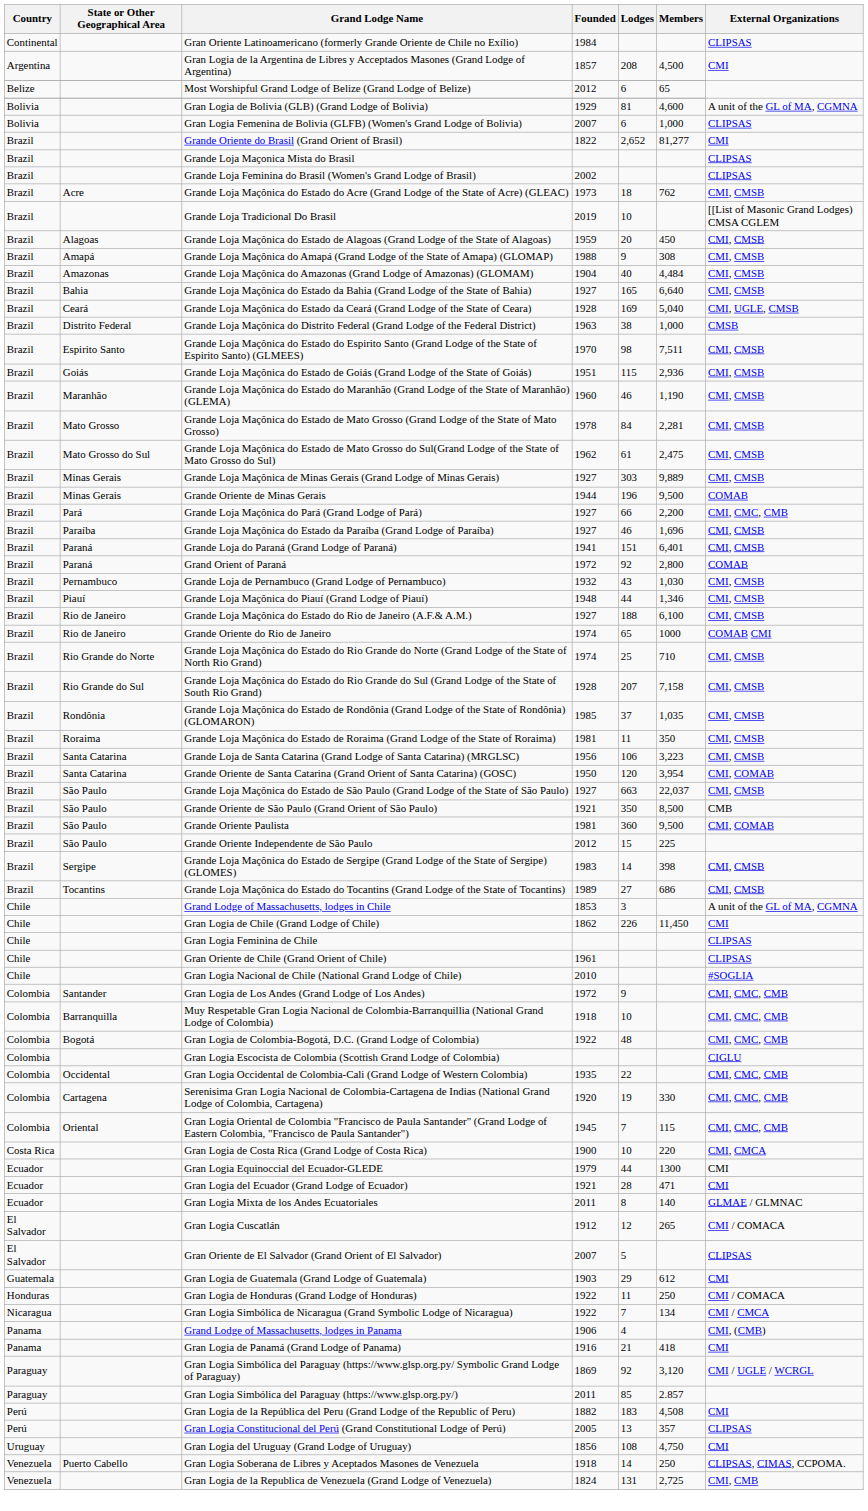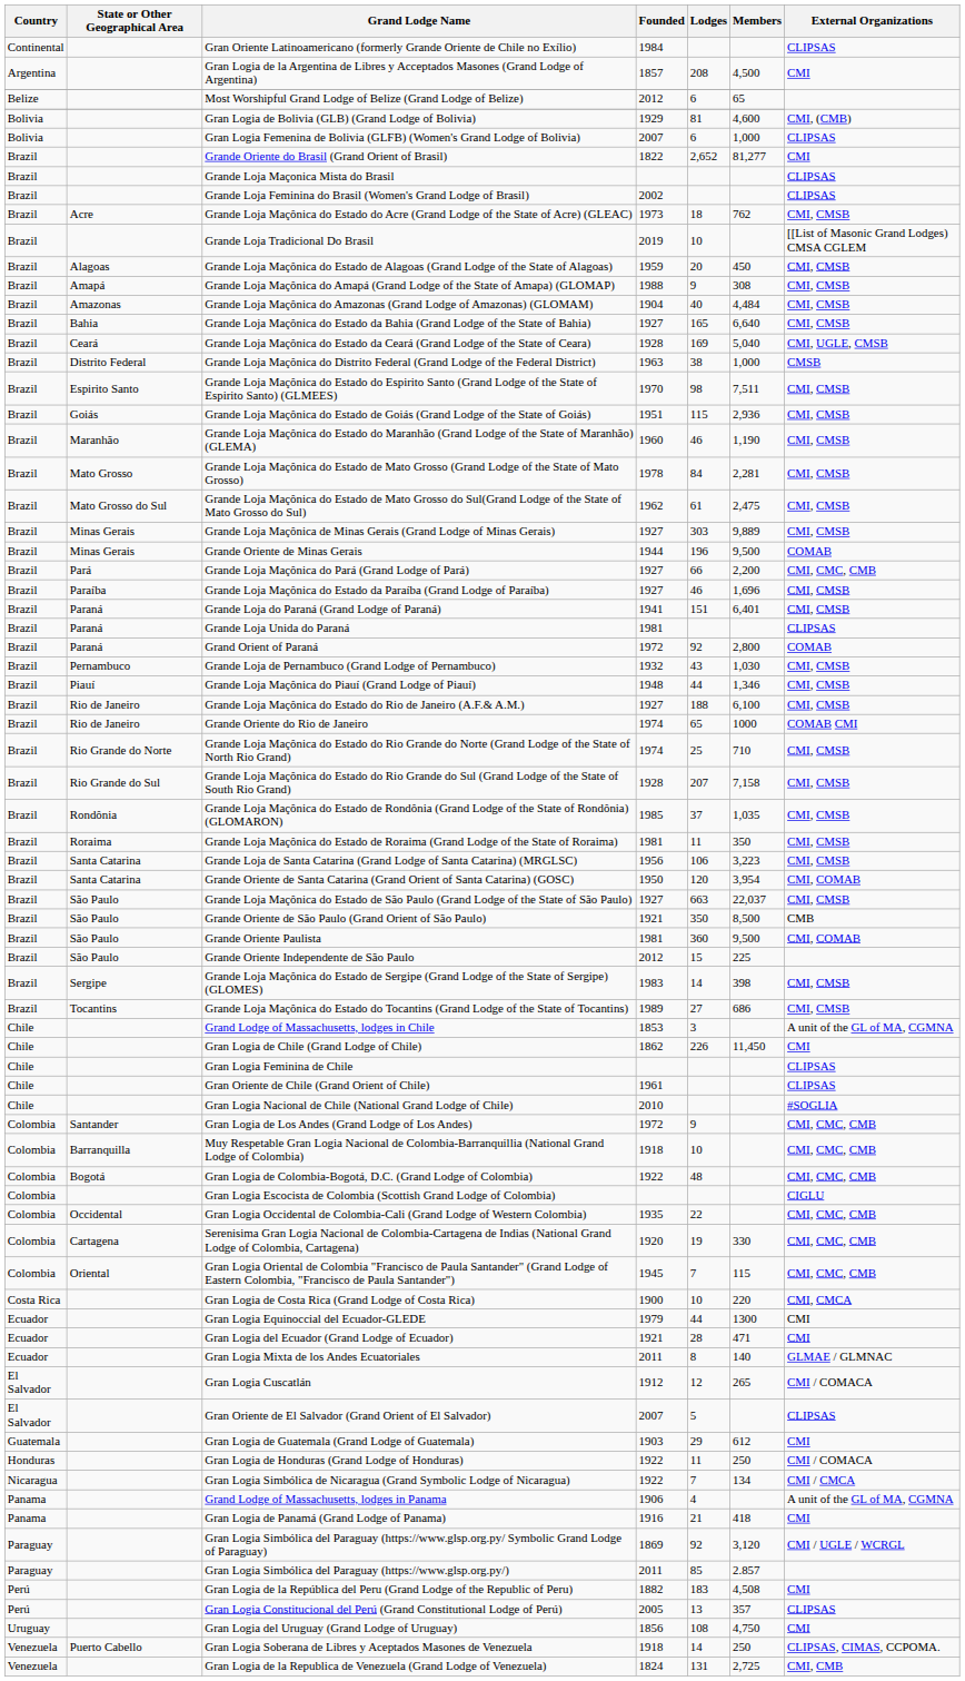 <table class="wikitable sortable" style="width:100%">
 <tr>
 <th>Country</th>
 <th>State or Other Geographical Area</th>
 <th>Grand Lodge Name</th>
 <th>Founded</th>
 <th>Lodges</th>
 <th>Members</th>
 <th>External Organizations<br>      </th>
 </tr>
 <tr>
 <td>Continental</td>
 <td></td>
 <td>Gran Oriente Latinoamericano (formerly Grande Oriente de Chile no Exílio)</td>
 <td>1984</td>
 <td></td>
 <td></td>
 <td><a href='#'>CLIPSAS</a></td>
 </tr>
 <tr>
 <td>Argentina</td>
 <td></td>
 <td>Gran Logia de la Argentina de Libres y Acceptados Masones (Grand Lodge of Argentina) </td>
 <td>1857</td>
 <td>208</td>
 <td>4,500 </td>
 <td><a href='#'>CMI</a></td>
 </tr>
 <tr>
 </tr>
 <tr>
 <td>Belize</td>
 <td></td>
 <td>Most Worshipful Grand Lodge of Belize (Grand Lodge of Belize) </td>
 <td>2012</td>
 <td>6</td>
 <td>65</td>
 </tr>
 <tr>
 </tr>
 <tr>
 <td>Bolivia</td>
 <td></td>
 <td>Gran Logia de Bolivia (GLB) (Grand Lodge of Bolivia)</td>
 <td>1929</td>
 <td>81</td>
 <td>4,600 </td>
-<td>A unit of the <a href='#'>GL of MA</a>, <a href='#'>CGMNA</a></td>
+<td><a href='#'>CMI</a>, (<a href='#'>CMB</a>)</td>
 </tr>
 <tr>
 <td>Bolivia</td>
 <td></td>
 <td>Gran Logia Femenina de Bolivia (GLFB) (Women's Grand Lodge of Bolivia) </td>
 <td>2007</td>
 <td>6</td>
 <td>1,000</td>
 <td><a href='#'>CLIPSAS</a></td>
 </tr>
 <tr>
 <td>Brazil</td>
 <td></td>
 <td><a href='#'>Grande Oriente do Brasil</a> (Grand Orient of Brasil) </td>
 <td>1822</td>
 <td>2,652</td>
 <td>81,277 </td>
 <td><a href='#'>CMI</a></td>
 </tr>
 <tr>
 <td>Brazil</td>
 <td></td>
 <td>Grande Loja Maçonica Mista do Brasil</td>
 <td></td>
 <td></td>
 <td></td>
 <td><a href='#'>CLIPSAS</a></td>
 </tr>
 <tr>
 <td>Brazil</td>
 <td></td>
 <td>Grande Loja Feminina do Brasil (Women's Grand Lodge of Brasil) </td>
 <td>2002</td>
 <td></td>
 <td></td>
 <td><a href='#'>CLIPSAS</a></td>
 </tr>
 <tr>
 <td>Brazil</td>
 <td>Acre</td>
 <td>Grande Loja Maçônica do Estado do Acre (Grand Lodge of the State of Acre) (GLEAC)</td>
 <td>1973</td>
 <td>18</td>
 <td>762 </td>
 <td><a href='#'>CMI</a>, <a href='#'>CMSB</a></td>
 </tr>
 <tr>
 <td>Brazil</td>
 <td></td>
 <td>Grande Loja Tradicional Do Brasil </td>
 <td>2019</td>
 <td>10</td>
 <td></td>
 <td>[[List of Masonic Grand Lodges) CMSA CGLEM</td>
 </tr>
 <tr>
 <td>Brazil</td>
 <td>Alagoas</td>
 <td>Grande Loja Maçônica do Estado de Alagoas (Grand Lodge of the State of Alagoas)</td>
 <td>1959</td>
 <td>20</td>
 <td>450 </td>
 <td><a href='#'>CMI</a>, <a href='#'>CMSB</a></td>
 </tr>
 <tr>
 <td>Brazil</td>
 <td>Amapá</td>
 <td>Grande Loja Maçônica do Amapá (Grand Lodge of the State of Amapa) (GLOMAP)</td>
 <td>1988</td>
 <td>9</td>
 <td>308 </td>
 <td><a href='#'>CMI</a>, <a href='#'>CMSB</a></td>
 </tr>
 <tr>
 <td>Brazil</td>
 <td>Amazonas</td>
 <td>Grande Loja Maçônica do Amazonas (Grand Lodge of Amazonas) (GLOMAM)</td>
 <td>1904</td>
 <td>40</td>
 <td>4,484 </td>
 <td><a href='#'>CMI</a>, <a href='#'>CMSB</a></td>
 </tr>
 <tr>
 <td>Brazil</td>
 <td>Bahia</td>
 <td>Grande Loja Maçônica do Estado da Bahia (Grand Lodge of the State of Bahia)</td>
 <td>1927</td>
 <td>165</td>
 <td>6,640 </td>
 <td><a href='#'>CMI</a>, <a href='#'>CMSB</a></td>
 </tr>
 <tr>
 <td>Brazil</td>
 <td>Ceará</td>
 <td>Grande Loja Maçônica do Estado da Ceará (Grand Lodge of the State of Ceara)</td>
 <td>1928</td>
 <td>169</td>
 <td>5,040<br></td>
 <td><a href='#'>CMI</a>, <a href='#'>UGLE</a>, <a href='#'>CMSB</a></td>
 </tr>
 <tr>
 <td>Brazil</td>
 <td>Distrito Federal</td>
 <td>Grande Loja Maçônica do Distrito Federal (Grand Lodge of the Federal District)</td>
 <td>1963</td>
 <td>38</td>
 <td>1,000 </td>
 <td><a href='#'>CMSB</a></td>
 </tr>
 <tr>
 <td>Brazil</td>
 <td>Espirito Santo</td>
 <td>Grande Loja Maçônica do Estado do Espirito Santo (Grand Lodge of the State of Espirito Santo) (GLMEES)</td>
 <td>1970</td>
 <td>98</td>
 <td>7,511 </td>
 <td><a href='#'>CMI</a>, <a href='#'>CMSB</a></td>
 </tr>
 <tr>
 <td>Brazil</td>
 <td>Goiás</td>
 <td>Grande Loja Maçônica do Estado de Goiás (Grand Lodge of the State of Goiás)</td>
 <td>1951</td>
 <td>115</td>
 <td>2,936 </td>
 <td><a href='#'>CMI</a>, <a href='#'>CMSB</a></td>
 </tr>
 <tr>
 <td>Brazil</td>
 <td>Maranhão</td>
 <td>Grande Loja Maçônica do Estado do Maranhão (Grand Lodge of the State of Maranhão) (GLEMA)</td>
 <td>1960</td>
 <td>46</td>
 <td>1,190 </td>
 <td><a href='#'>CMI</a>, <a href='#'>CMSB</a></td>
 </tr>
 <tr>
 <td>Brazil</td>
 <td>Mato Grosso</td>
 <td>Grande Loja Maçônica do Estado de Mato Grosso (Grand Lodge of the State of Mato Grosso)</td>
 <td>1978</td>
 <td>84</td>
 <td>2,281 </td>
 <td><a href='#'>CMI</a>, <a href='#'>CMSB</a></td>
 </tr>
 <tr>
 <td>Brazil</td>
 <td>Mato Grosso do Sul</td>
 <td>Grande Loja Maçônica do Estado de Mato Grosso do Sul(Grand Lodge of the State of Mato Grosso do Sul)</td>
 <td>1962</td>
 <td>61</td>
 <td>2,475 </td>
 <td><a href='#'>CMI</a>, <a href='#'>CMSB</a></td>
 </tr>
 <tr>
 <td>Brazil</td>
 <td>Minas Gerais</td>
 <td>Grande Loja Maçônica de Minas Gerais (Grand Lodge of Minas Gerais)</td>
 <td>1927</td>
 <td>303</td>
 <td>9,889 </td>
 <td><a href='#'>CMI</a>, <a href='#'>CMSB</a></td>
 </tr>
 <tr>
 <td>Brazil</td>
 <td>Minas Gerais</td>
 <td>Grande Oriente de Minas Gerais</td>
 <td>1944</td>
 <td>196</td>
 <td>9,500</td>
 <td><a href='#'>COMAB</a></td>
 </tr>
 <tr>
 <td>Brazil</td>
 <td>Pará</td>
 <td>Grande Loja Maçônica do Pará (Grand Lodge of Pará)</td>
 <td>1927</td>
 <td>66</td>
 <td>2,200 </td>
 <td><a href='#'>CMI</a>, <a href='#'>CMC</a>, <a href='#'>CMB</a></td>
 </tr>
 <tr>
 <td>Brazil</td>
 <td>Paraíba</td>
 <td>Grande Loja Maçônica do Estado da Paraíba (Grand Lodge of Paraíba)</td>
 <td>1927</td>
 <td>46</td>
 <td>1,696 </td>
 <td><a href='#'>CMI</a>, <a href='#'>CMSB</a></td>
 </tr>
 <tr>
 <td>Brazil</td>
 <td>Paraná</td>
 <td>Grande Loja do Paraná (Grand Lodge of Paraná)</td>
 <td>1941</td>
 <td>151</td>
 <td>6,401 </td>
 <td><a href='#'>CMI</a>, <a href='#'>CMSB</a></td>
+</tr>
+<tr>
+<td>Brazil</td>
+<td>Paraná</td>
+<td>Grande Loja Unida do Paraná</td>
+<td>1981</td>
+<td></td>
+<td></td>
+<td><a href='#'>CLIPSAS</a></td>
 </tr>
 <tr>
 <td>Brazil</td>
 <td>Paraná</td>
 <td>Grand Orient of Paraná</td>
 <td>1972</td>
 <td>92</td>
 <td>2,800</td>
 <td><a href='#'>COMAB</a></td>
 </tr>
 <tr>
 <td>Brazil</td>
 <td>Pernambuco</td>
 <td>Grande Loja de Pernambuco (Grand Lodge of Pernambuco)</td>
 <td>1932</td>
 <td>43</td>
 <td>1,030 </td>
 <td><a href='#'>CMI</a>, <a href='#'>CMSB</a></td>
 </tr>
 <tr>
 <td>Brazil</td>
 <td>Piauí</td>
 <td>Grande Loja Maçônica do Piauí (Grand Lodge of Piauí)</td>
 <td>1948</td>
 <td>44</td>
 <td>1,346 </td>
 <td><a href='#'>CMI</a>, <a href='#'>CMSB</a></td>
 </tr>
 <tr>
 <td>Brazil</td>
 <td>Rio de Janeiro</td>
 <td>Grande Loja Maçônica do Estado do Rio de Janeiro (A.F.& A.M.) </td>
 <td>1927</td>
 <td>188 </td>
 <td>6,100 </td>
 <td><a href='#'>CMI</a>, <a href='#'>CMSB</a></td>
 </tr>
 <tr>
 <td>Brazil</td>
 <td>Rio de Janeiro</td>
 <td>Grande Oriente do Rio de Janeiro </td>
 <td>1974</td>
 <td>65</td>
 <td>1000</td>
 <td><a href='#'>COMAB</a> <a href='#'>CMI</a></td>
 </tr>
 <tr>
 <td>Brazil</td>
 <td>Rio Grande do Norte</td>
 <td>Grande Loja Maçônica do Estado do Rio Grande do Norte (Grand Lodge of the State of North Rio Grand) </td>
 <td>1974</td>
 <td>25</td>
 <td>710 </td>
 <td><a href='#'>CMI</a>, <a href='#'>CMSB</a></td>
 </tr>
 <tr>
 <td>Brazil</td>
 <td>Rio Grande do Sul</td>
 <td>Grande Loja Maçônica do Estado do Rio Grande do Sul (Grand Lodge of the State of South Rio Grand) </td>
 <td>1928</td>
 <td>207</td>
 <td>7,158 </td>
 <td><a href='#'>CMI</a>, <a href='#'>CMSB</a></td>
 </tr>
 <tr>
 <td>Brazil</td>
 <td>Rondônia</td>
 <td>Grande Loja Maçônica do Estado de Rondônia (Grand Lodge of the State of Rondônia) (GLOMARON) </td>
 <td>1985</td>
 <td>37</td>
 <td>1,035 </td>
 <td><a href='#'>CMI</a>, <a href='#'>CMSB</a></td>
 </tr>
 <tr>
 <td>Brazil</td>
 <td>Roraima</td>
 <td>Grande Loja Maçônica do Estado de Roraima (Grand Lodge of the State of Roraima) </td>
 <td>1981</td>
 <td>11</td>
 <td>350 </td>
 <td><a href='#'>CMI</a>, <a href='#'>CMSB</a></td>
 </tr>
 <tr>
 <td>Brazil</td>
 <td>Santa Catarina</td>
 <td>Grande Loja de Santa Catarina (Grand Lodge of Santa Catarina) (MRGLSC) </td>
 <td>1956</td>
 <td>106</td>
 <td>3,223 </td>
 <td><a href='#'>CMI</a>, <a href='#'>CMSB</a></td>
 </tr>
 <tr>
 <td>Brazil</td>
 <td>Santa Catarina</td>
 <td>Grande Oriente de Santa Catarina (Grand Orient of Santa Catarina) (GOSC) </td>
 <td>1950</td>
 <td>120</td>
 <td>3,954</td>
 <td><a href='#'>CMI</a>, <a href='#'>COMAB</a></td>
 </tr>
 <tr>
 <td>Brazil</td>
 <td>São Paulo</td>
 <td>Grande Loja Maçônica do Estado de São Paulo (Grand Lodge of the State of São Paulo) </td>
 <td>1927</td>
 <td>663</td>
 <td>22,037 </td>
 <td><a href='#'>CMI</a>, <a href='#'>CMSB</a></td>
 </tr>
 <tr>
 <td>Brazil</td>
 <td>São Paulo</td>
 <td>Grande Oriente de São Paulo (Grand Orient of São Paulo) </td>
 <td>1921</td>
 <td>350</td>
 <td>8,500</td>
 <td>CMB</td>
 </tr>
 <tr>
 <td>Brazil</td>
 <td>São Paulo</td>
 <td>Grande Oriente Paulista</td>
 <td>1981</td>
 <td>360</td>
 <td>9,500</td>
 <td><a href='#'>CMI</a>, <a href='#'>COMAB</a></td>
 </tr>
 <tr>
 <td>Brazil</td>
 <td>São Paulo</td>
 <td>Grande Oriente Independente de São Paulo</td>
 <td>2012</td>
 <td>15</td>
 <td>225</td>
 </tr>
 <tr>
 <td>Brazil</td>
 <td>Sergipe</td>
 <td>Grande Loja Maçônica do Estado de Sergipe (Grand Lodge of the State of Sergipe) (GLOMES) </td>
 <td>1983</td>
 <td>14</td>
 <td>398 </td>
 <td><a href='#'>CMI</a>, <a href='#'>CMSB</a></td>
 </tr>
 <tr>
 <td>Brazil</td>
 <td>Tocantins</td>
 <td>Grande Loja Maçônica do Estado do Tocantins (Grand Lodge of the State of Tocantins) </td>
 <td>1989</td>
 <td>27</td>
 <td>686 </td>
 <td><a href='#'>CMI</a>, <a href='#'>CMSB</a></td>
 </tr>
 <tr>
 <td>Chile</td>
 <td></td>
 <td><a href='#'>Grand Lodge of Massachusetts, lodges in Chile</a></td>
 <td>1853</td>
 <td>3 </td>
 <td></td>
 <td>A unit of the <a href='#'>GL of MA</a>, <a href='#'>CGMNA</a></td>
 </tr>
 <tr>
 <td>Chile</td>
 <td></td>
 <td>Gran Logia de Chile (Grand Lodge of Chile) </td>
 <td>1862</td>
 <td>226</td>
 <td>11,450 </td>
 <td><a href='#'>CMI</a></td>
 </tr>
 <tr>
 <td>Chile</td>
 <td></td>
 <td>Gran Logia Feminina de Chile</td>
 <td></td>
 <td></td>
 <td></td>
 <td><a href='#'>CLIPSAS</a></td>
 </tr>
 <tr>
 <td>Chile</td>
 <td></td>
 <td>Gran Oriente de Chile (Grand Orient of Chile) </td>
 <td>1961</td>
 <td></td>
 <td></td>
 <td><a href='#'>CLIPSAS</a></td>
 </tr>
 <tr>
 <td>Chile</td>
 <td></td>
 <td>Gran Logia Nacional de Chile (National Grand Lodge of Chile) </td>
 <td>2010</td>
 <td></td>
 <td></td>
 <td><a href='#'>#SOGLIA</a></td>
 </tr>
 <tr>
 <td>Colombia</td>
 <td>Santander</td>
 <td>Gran Logia de Los Andes (Grand Lodge of Los Andes) </td>
 <td>1972</td>
 <td>9 </td>
 <td></td>
 <td><a href='#'>CMI</a>, <a href='#'>CMC</a>, <a href='#'>CMB</a></td>
 </tr>
 <tr>
 <td>Colombia</td>
 <td>Barranquilla</td>
 <td>Muy Respetable Gran Logia Nacional de Colombia-Barranquillia (National Grand Lodge of Colombia) </td>
 <td>1918</td>
 <td>10 </td>
 <td></td>
 <td><a href='#'>CMI</a>, <a href='#'>CMC</a>, <a href='#'>CMB</a></td>
 </tr>
 <tr>
 <td>Colombia</td>
 <td>Bogotá</td>
 <td>Gran Logia de Colombia-Bogotá, D.C. (Grand Lodge of Colombia) </td>
 <td>1922</td>
 <td>48 </td>
 <td></td>
 <td><a href='#'>CMI</a>, <a href='#'>CMC</a>, <a href='#'>CMB</a></td>
 </tr>
 <tr>
 <td>Colombia</td>
 <td></td>
 <td>Gran Logia Escocista de Colombia (Scottish Grand Lodge of Colombia)</td>
 <td></td>
 <td></td>
 <td></td>
 <td><a href='#'>CIGLU</a></td>
 </tr>
 <tr>
 <td>Colombia</td>
 <td>Occidental</td>
 <td>Gran Logia Occidental de Colombia-Cali (Grand Lodge of Western Colombia) </td>
 <td>1935</td>
 <td>22 </td>
 <td></td>
 <td><a href='#'>CMI</a>, <a href='#'>CMC</a>, <a href='#'>CMB</a></td>
 </tr>
 <tr>
 <td>Colombia</td>
 <td>Cartagena</td>
 <td>Serenisima Gran Logia Nacional de Colombia-Cartagena de Indias (National Grand Lodge of Colombia, Cartagena) </td>
 <td>1920</td>
 <td>19 </td>
 <td>330</td>
 <td><a href='#'>CMI</a>, <a href='#'>CMC</a>, <a href='#'>CMB</a></td>
 </tr>
 <tr>
 <td>Colombia</td>
 <td>Oriental</td>
 <td>Gran Logia Oriental de Colombia "Francisco de Paula Santander" (Grand Lodge of Eastern Colombia, "Francisco de Paula Santander") </td>
 <td>1945</td>
 <td>7</td>
 <td>115 </td>
 <td><a href='#'>CMI</a>, <a href='#'>CMC</a>, <a href='#'>CMB</a></td>
 </tr>
 <tr>
 <td>Costa Rica</td>
 <td></td>
 <td>Gran Logia de Costa Rica (Grand Lodge of Costa Rica) </td>
 <td>1900</td>
 <td>10</td>
 <td>220 </td>
 <td><a href='#'>CMI</a>, <a href='#'>CMCA</a></td>
 </tr>
 <tr>
 <td>Ecuador</td>
 <td></td>
 <td>Gran Logia Equinoccial del Ecuador-GLEDE</td>
 <td>1979</td>
 <td>44</td>
 <td>1300</td>
 <td>CMI</td>
 </tr>
 <tr>
 <td>Ecuador</td>
 <td></td>
 <td>Gran Logia del Ecuador (Grand Lodge of Ecuador) </td>
 <td>1921 </td>
 <td>28</td>
 <td>471 </td>
 <td><a href='#'>CMI</a></td>
 </tr>
 <tr>
 <td>Ecuador</td>
 <td></td>
 <td>Gran Logia Mixta de los Andes Ecuatoriales</td>
 <td>2011</td>
 <td>8</td>
 <td>140</td>
 <td><a href='#'>GLMAE</a> / GLMNAC</td>
 </tr>
 <tr>
 <td>El Salvador</td>
 <td></td>
 <td>Gran Logia Cuscatlán </td>
 <td>1912</td>
 <td>12</td>
 <td>265 </td>
 <td><a href='#'>CMI</a> / COMACA</td>
 </tr>
 <tr>
 <td>El Salvador</td>
 <td></td>
 <td>Gran Oriente de El Salvador (Grand Orient of El Salvador) </td>
 <td>2007</td>
 <td>5</td>
 <td></td>
 <td><a href='#'>CLIPSAS</a></td>
 </tr>
 <tr>
 <td>Guatemala</td>
 <td></td>
 <td>Gran Logia de Guatemala (Grand Lodge of Guatemala) </td>
 <td>1903</td>
 <td>29</td>
 <td>612 </td>
 <td><a href='#'>CMI</a></td>
 </tr>
 <tr>
 <td>Honduras</td>
 <td></td>
 <td>Gran Logia de Honduras (Grand Lodge of Honduras)</td>
 <td>1922</td>
 <td>11</td>
 <td>250</td>
 <td><a href='#'>CMI</a> / COMACA</td>
 </tr>
 <tr>
 <td>Nicaragua</td>
 <td></td>
 <td>Gran Logia Simbólica de Nicaragua (Grand Symbolic Lodge of Nicaragua)</td>
 <td>1922</td>
 <td>7</td>
 <td>134 </td>
 <td><a href='#'>CMI</a> / <a href='#'>CMCA</a></td>
 </tr>
 <tr>
 <td>Panama</td>
 <td></td>
 <td><a href='#'>Grand Lodge of Massachusetts, lodges in Panama</a></td>
 <td>1906</td>
 <td>4 </td>
 <td></td>
-<td><a href='#'>CMI</a>, (<a href='#'>CMB</a>)</td>
+<td>A unit of the <a href='#'>GL of MA</a>, <a href='#'>CGMNA</a></td>
 </tr>
 <tr>
 <td>Panama</td>
 <td></td>
 <td>Gran Logia de Panamá (Grand Lodge of Panama)</td>
 <td>1916</td>
 <td>21 </td>
 <td>418</td>
 <td><a href='#'>CMI</a></td>
 </tr>
 <tr>
 <td>Paraguay</td>
 <td></td>
 <td>Gran Logia Simbólica del Paraguay (https://www.glsp.org.py/ Symbolic Grand Lodge of Paraguay)</td>
 <td>1869</td>
 <td>92 </td>
 <td>3,120</td>
 <td><a href='#'>CMI</a> / <a href='#'>UGLE</a> / <a href='#'>WCRGL</a></td>
 </tr>
 <tr>
 <td>Paraguay</td>
 <td></td>
 <td>Gran Logia Simbólica del Paraguay (https://www.glsp.org.py/)</td>
 <td>2011</td>
 <td>85</td>
 <td>2.857</td>
 </tr>
 <tr>
 <td>Perú</td>
 <td></td>
 <td>Gran Logia de la República del Peru (Grand Lodge of the Republic of Peru)</td>
 <td>1882</td>
 <td>183</td>
 <td>4,508 </td>
 <td><a href='#'>CMI</a></td>
 </tr>
 <tr>
 <td>Perú</td>
 <td></td>
 <td><a href='#'>Gran Logia Constitucional del Perú</a> (Grand Constitutional Lodge of Perú)</td>
 <td>2005</td>
 <td>13</td>
 <td>357</td>
 <td><a href='#'>CLIPSAS</a></td>
 </tr>
 <tr>
 <td>Uruguay</td>
 <td></td>
 <td>Gran Logia del Uruguay (Grand Lodge of Uruguay) </td>
 <td>1856</td>
 <td>108</td>
 <td>4,750 </td>
 <td><a href='#'>CMI</a></td>
 </tr>
 <tr>
 <td>Venezuela</td>
 <td>Puerto Cabello</td>
 <td>Gran Logia Soberana de Libres y Aceptados Masones de Venezuela</td>
 <td>1918</td>
 <td>14</td>
 <td>250</td>
 <td><a href='#'>CLIPSAS</a>, <a href='#'>CIMAS</a>, CCPOMA.</td>
 </tr>
 <tr>
 <td>Venezuela</td>
 <td></td>
 <td>Gran Logia de la Republica de Venezuela (Grand Lodge of Venezuela) <br></td>
 <td>1824</td>
 <td>131</td>
 <td>2,725 </td>
 <td><a href='#'>CMI</a>, <a href='#'>CMB</a></td>
 </tr>
 </table>
